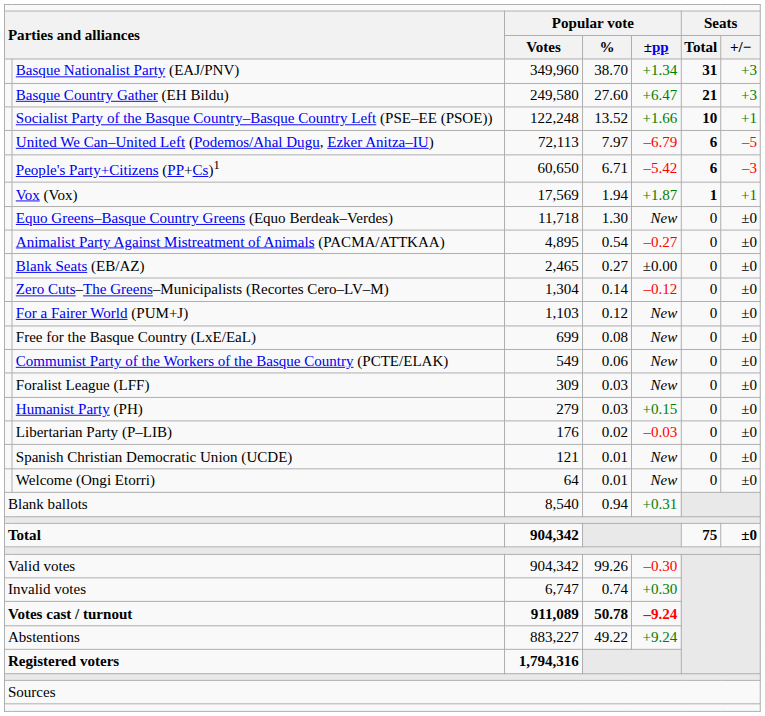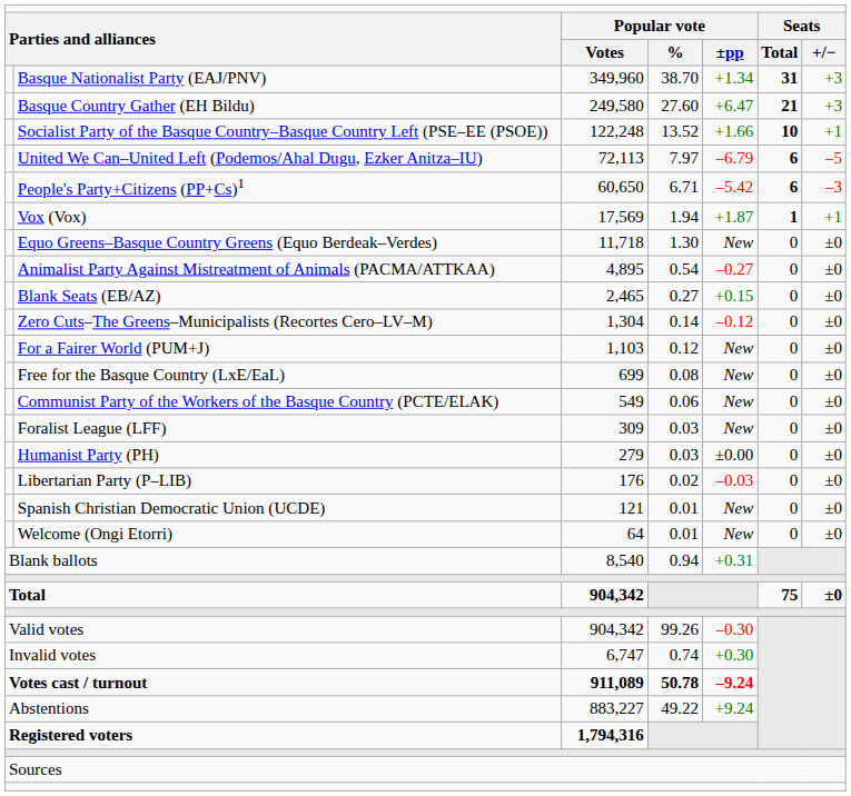 <table class="wikitable" style="text-align:right;">
 <tr>
 <td colspan="7"></td>
 </tr>
 <tr>
 <th style="text-align:left;" rowspan="2" colspan="2" width="525">Parties and alliances</th>
 <th colspan="3">Popular vote</th>
 <th colspan="2">Seats</th>
 </tr>
 <tr>
 <th width="75">Votes</th>
 <th width="45">%</th>
 <th width="45">±<a href='#'>pp</a></th>
 <th width="35">Total</th>
 <th width="35">+/−</th>
 </tr>
 <tr>
 <td width="1" style="color:inherit;background:"></td>
 <td align="left"><a href='#'>Basque Nationalist Party</a> (EAJ/PNV)</td>
 <td>349,960</td>
 <td>38.70</td>
 <td style="color:green;">+1.34</td>
 <td><strong>31</strong></td>
 <td style="color:green;">+3</td>
 </tr>
 <tr>
 <td style="color:inherit;background:"></td>
 <td align="left"><a href='#'>Basque Country Gather</a> (EH Bildu)</td>
 <td>249,580</td>
 <td>27.60</td>
 <td style="color:green;">+6.47</td>
 <td><strong>21</strong></td>
 <td style="color:green;">+3</td>
 </tr>
 <tr>
 <td style="color:inherit;background:"></td>
 <td align="left"><a href='#'>Socialist Party of the Basque Country–Basque Country Left</a> (PSE–EE (PSOE))</td>
 <td>122,248</td>
 <td>13.52</td>
 <td style="color:green;">+1.66</td>
 <td><strong>10</strong></td>
 <td style="color:green;">+1</td>
 </tr>
 <tr>
 <td style="color:inherit;background:"></td>
 <td align="left"><a href='#'>United We Can–United Left</a> (<a href='#'>Podemos/Ahal Dugu</a>, <a href='#'>Ezker Anitza–IU</a>)</td>
 <td>72,113</td>
 <td>7.97</td>
 <td style="color:red;">–6.79</td>
 <td><strong>6</strong></td>
 <td style="color:red;">–5</td>
 </tr>
 <tr>
 <td style="color:inherit;background:"></td>
 <td align="left"><a href='#'>People's Party+Citizens</a> (<a href='#'>PP</a>+<a href='#'>Cs</a>)<sup>1</sup></td>
 <td>60,650</td>
 <td>6.71</td>
 <td style="color:red;">–5.42</td>
 <td><strong>6</strong></td>
 <td style="color:red;">–3</td>
 </tr>
 <tr>
 <td style="color:inherit;background:"></td>
 <td align="left"><a href='#'>Vox</a> (Vox)</td>
 <td>17,569</td>
 <td>1.94</td>
 <td style="color:green;">+1.87</td>
 <td><strong>1</strong></td>
 <td style="color:green;">+1</td>
 </tr>
 <tr>
 <td style="color:inherit;background:"></td>
 <td align="left"><a href='#'>Equo Greens–Basque Country Greens</a> (Equo Berdeak–Verdes)</td>
 <td>11,718</td>
 <td>1.30</td>
 <td><em>New</em></td>
 <td>0</td>
 <td>±0</td>
 </tr>
 <tr>
 <td style="color:inherit;background:"></td>
 <td align="left"><a href='#'>Animalist Party Against Mistreatment of Animals</a> (PACMA/ATTKAA)</td>
 <td>4,895</td>
 <td>0.54</td>
 <td style="color:red;">–0.27</td>
 <td>0</td>
 <td>±0</td>
 </tr>
 <tr>
 <td style="color:inherit;background:"></td>
 <td align="left"><a href='#'>Blank Seats</a> (EB/AZ)</td>
 <td>2,465</td>
 <td>0.27</td>
-<td>±0.00</td>
+<td style="color:green;">+0.15</td>
 <td>0</td>
 <td>±0</td>
 </tr>
 <tr>
 <td style="color:inherit;background:"></td>
 <td align="left"><a href='#'>Zero Cuts</a>–<a href='#'>The Greens</a>–Municipalists (Recortes Cero–LV–M)</td>
 <td>1,304</td>
 <td>0.14</td>
 <td style="color:red;">–0.12</td>
 <td>0</td>
 <td>±0</td>
 </tr>
 <tr>
 <td style="color:inherit;background:"></td>
 <td align="left"><a href='#'>For a Fairer World</a> (PUM+J)</td>
 <td>1,103</td>
 <td>0.12</td>
 <td><em>New</em></td>
 <td>0</td>
 <td>±0</td>
 </tr>
 <tr>
 <td style="color:inherit;background:"></td>
 <td align="left">Free for the Basque Country (LxE/EaL)</td>
 <td>699</td>
 <td>0.08</td>
 <td><em>New</em></td>
 <td>0</td>
 <td>±0</td>
 </tr>
 <tr>
 <td style="color:inherit;background:"></td>
 <td align="left"><a href='#'>Communist Party of the Workers of the Basque Country</a> (PCTE/ELAK)</td>
 <td>549</td>
 <td>0.06</td>
 <td><em>New</em></td>
 <td>0</td>
 <td>±0</td>
 </tr>
 <tr>
 <td style="color:inherit;background:"></td>
 <td align="left">Foralist League (LFF)</td>
 <td>309</td>
 <td>0.03</td>
 <td><em>New</em></td>
 <td>0</td>
 <td>±0</td>
 </tr>
 <tr>
 <td style="color:inherit;background:"></td>
 <td align="left"><a href='#'>Humanist Party</a> (PH)</td>
 <td>279</td>
 <td>0.03</td>
-<td style="color:green;">+0.15</td>
+<td>±0.00</td>
 <td>0</td>
 <td>±0</td>
 </tr>
 <tr>
 <td style="color:inherit;background:"></td>
 <td align="left">Libertarian Party (P–LIB)</td>
 <td>176</td>
 <td>0.02</td>
 <td style="color:red;">–0.03</td>
 <td>0</td>
 <td>±0</td>
 </tr>
 <tr>
 <td style="color:inherit;background:"></td>
 <td align="left">Spanish Christian Democratic Union (UCDE)</td>
 <td>121</td>
 <td>0.01</td>
 <td><em>New</em></td>
 <td>0</td>
 <td>±0</td>
 </tr>
 <tr>
 <td style="color:inherit;background:"></td>
 <td align="left">Welcome (Ongi Etorri)</td>
 <td>64</td>
 <td>0.01</td>
 <td><em>New</em></td>
 <td>0</td>
 <td>±0</td>
 </tr>
 <tr>
 <td align="left" colspan="2">Blank ballots</td>
 <td>8,540</td>
 <td>0.94</td>
 <td style="color:green;">+0.31</td>
 <td bgcolor="#E9E9E9" colspan="2"></td>
 </tr>
 <tr>
 <td colspan="7" bgcolor="#E9E9E9"></td>
 </tr>
 <tr style="font-weight:bold;">
 <td align="left" colspan="2">Total</td>
 <td>904,342</td>
 <td bgcolor="#E9E9E9" colspan="2"></td>
 <td>75</td>
 <td>±0</td>
 </tr>
 <tr>
 <td colspan="7" bgcolor="#E9E9E9"></td>
 </tr>
 <tr>
 <td align="left" colspan="2">Valid votes</td>
 <td>904,342</td>
 <td>99.26</td>
 <td style="color:red;">–0.30</td>
 <td bgcolor="#E9E9E9" colspan="2" rowspan="5"></td>
 </tr>
 <tr>
 <td align="left" colspan="2">Invalid votes</td>
 <td>6,747</td>
 <td>0.74</td>
 <td style="color:green;">+0.30</td>
 </tr>
 <tr style="font-weight:bold;">
 <td align="left" colspan="2">Votes cast / turnout</td>
 <td>911,089</td>
 <td>50.78</td>
 <td style="color:red;">–9.24</td>
 </tr>
 <tr>
 <td align="left" colspan="2">Abstentions</td>
 <td>883,227</td>
 <td>49.22</td>
 <td style="color:green;">+9.24</td>
 </tr>
 <tr style="font-weight:bold;">
 <td align="left" colspan="2">Registered voters</td>
 <td>1,794,316</td>
 <td bgcolor="#E9E9E9" colspan="2"></td>
 </tr>
 <tr>
 <td colspan="7" bgcolor="#E9E9E9"></td>
 </tr>
 <tr>
 <td align="left" colspan="7">Sources</td>
 </tr>
 <tr>
 <td colspan="7" style="text-align:left; max-width:790px;"></td>
 </tr>
 </table>
